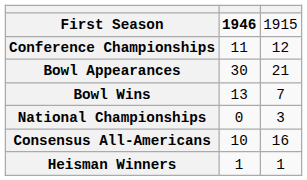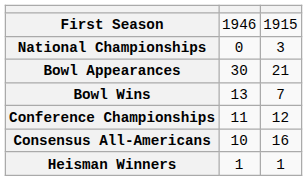 <table class="wikitable" style="float:right; clear:right; margin-left:1em; font-size:88%;">
 <tr>
 <th></th>
 <th><a href='#'></a></th>
 <th><a href='#'></a></th>
 </tr>
 <tr>
 <th scope=row>First Season</th>
-<td align=center><strong>1946</strong></td>
+<td align=center>1946</td>
 <td align=center>1915</td>
 </tr>
 <tr>
-<th scope=row>Conference Championships</th>
-<td align=center>11</td>
-<td align=center>12</td>
+<th scope=row>National Championships</th>
+<td align=center>0</td>
+<td align=center>3</td>
 </tr>
 <tr>
 <th scope=row>Bowl Appearances</th>
 <td align=center>30</td>
 <td align=center>21</td>
 </tr>
 <tr>
 <th scope=row>Bowl Wins</th>
 <td align=center>13</td>
 <td align=center>7</td>
 </tr>
 <tr>
-<th scope=row>National Championships</th>
-<td align=center>0</td>
-<td align=center>3</td>
+<th scope=row>Conference Championships</th>
+<td align=center>11</td>
+<td align=center>12</td>
 </tr>
 <tr>
 <th scope=row>Consensus All-Americans</th>
 <td align=center>10</td>
 <td align=center>16</td>
 </tr>
 <tr>
 <th scope=row>Heisman Winners</th>
 <td align=center>1</td>
 <td align=center>1</td>
 </tr>
 </table>
